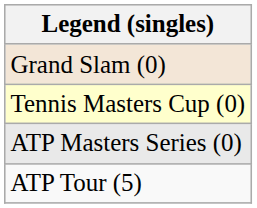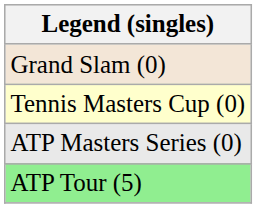 <table class="wikitable sortable">
 <tr>
 <th>Legend (singles)</th>
 </tr>
 <tr style="background:#f3e6d7;">
 <td>Grand Slam (0)</td>
 </tr>
 <tr style="background:#ffc;">
 <td>Tennis Masters Cup (0)</td>
 </tr>
 <tr style="background:#e9e9e9;">
 <td>ATP Masters Series (0)</td>
 </tr>
 <tr>
-<td>ATP Tour (5)</td>
+<td style="background: lightgreen;">ATP Tour (5)</td>
 </tr>
 </table>
